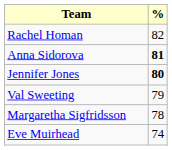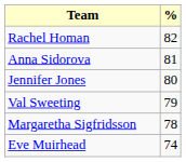 <table class="wikitable">
 <tr>
 <th style="background: #ffffcc; width:175px;">Team</th>
 <th style="background: #ffffcc;">%</th>
 </tr>
 <tr>
 <td> <a href='#'>Rachel Homan</a></td>
 <td>82</td>
 </tr>
 <tr>
 <td> <a href='#'>Anna Sidorova</a></td>
-<td><strong>81</strong></td>
+<td>81</td>
 </tr>
 <tr>
 <td> <a href='#'>Jennifer Jones</a></td>
-<td><strong>80</strong></td>
+<td>80</td>
 </tr>
 <tr>
 <td> <a href='#'>Val Sweeting</a></td>
 <td>79</td>
 </tr>
 <tr>
 <td> <a href='#'>Margaretha Sigfridsson</a></td>
 <td>78</td>
 </tr>
 <tr>
 <td> <a href='#'>Eve Muirhead</a></td>
 <td>74</td>
 </tr>
 </table>
